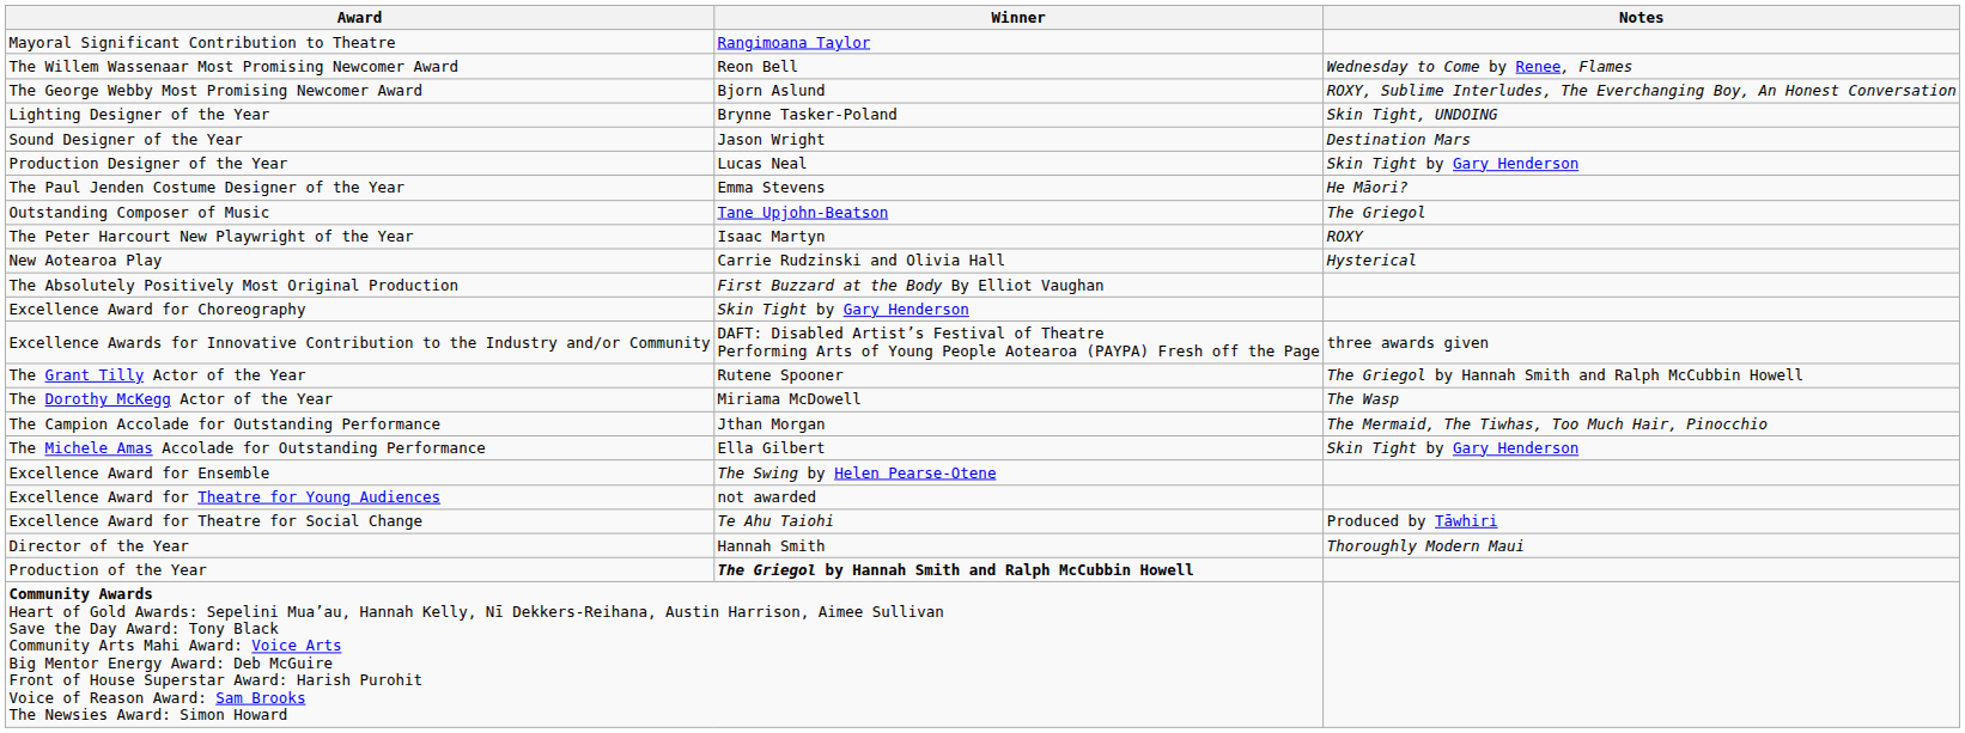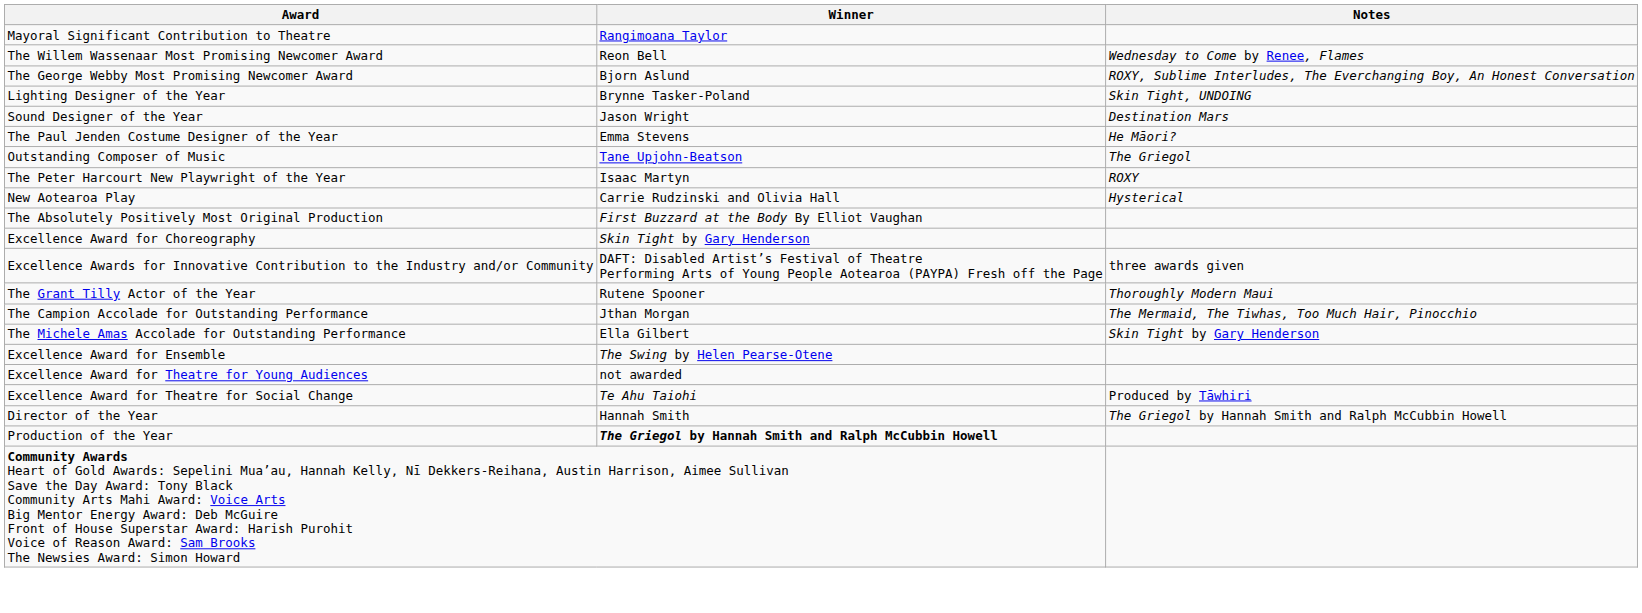 <table class="wikitable">
 <tr>
 <th>Award</th>
 <th>Winner</th>
 <th>Notes</th>
 </tr>
 <tr>
 <td>Mayoral Significant Contribution to Theatre</td>
 <td><a href='#'>Rangimoana Taylor</a></td>
 <td></td>
 </tr>
 <tr>
 <td>The Willem Wassenaar Most Promising Newcomer Award</td>
 <td>Reon Bell</td>
 <td><em>Wednesday to Come</em> by <a href='#'>Renee</a><em>, Flames</em></td>
 </tr>
 <tr>
 <td>The George Webby Most Promising Newcomer Award</td>
 <td>Bjorn Aslund</td>
 <td><em>ROXY, Sublime Interludes, The Everchanging Boy, An Honest Conversation</em></td>
 </tr>
 <tr>
 <td>Lighting Designer of the Year</td>
 <td>Brynne Tasker-Poland</td>
 <td><em>Skin Tight, UNDOING</em></td>
 </tr>
 <tr>
 <td>Sound Designer of the Year</td>
 <td>Jason Wright</td>
 <td><em>Destination Mars</em></td>
-</tr>
-<tr>
-<td>Production Designer of the Year</td>
-<td>Lucas Neal</td>
-<td><em>Skin Tight</em> by <a href='#'>Gary Henderson</a></td>
 </tr>
 <tr>
 <td>The Paul Jenden Costume Designer of the Year</td>
 <td>Emma Stevens</td>
 <td><em>He Māori?</em></td>
 </tr>
 <tr>
 <td>Outstanding Composer of Music</td>
 <td><a href='#'>Tane Upjohn-Beatson</a></td>
 <td><em>The Griegol</em></td>
 </tr>
 <tr>
 <td>The Peter Harcourt New Playwright of the Year</td>
 <td>Isaac Martyn</td>
 <td><em>ROXY</em></td>
 </tr>
 <tr>
 <td>New Aotearoa Play</td>
 <td>Carrie Rudzinski and Olivia Hall</td>
 <td><em>Hysterical</em></td>
 </tr>
 <tr>
 <td>The Absolutely Positively Most Original Production</td>
 <td><em>First Buzzard at the Body</em> By Elliot Vaughan</td>
 <td></td>
 </tr>
 <tr>
 <td>Excellence Award for Choreography</td>
 <td><em>Skin Tight</em> by <a href='#'>Gary Henderson</a></td>
 <td></td>
 </tr>
 <tr>
 <td>Excellence Awards for Innovative Contribution to the Industry and/or Community</td>
 <td>DAFT: Disabled Artist’s Festival of Theatre<br>Performing Arts of Young People Aotearoa (PAYPA) Fresh off the Page</td>
 <td>three awards given</td>
 </tr>
 <tr>
 <td>The <a href='#'>Grant Tilly</a> Actor of the Year</td>
 <td>Rutene Spooner</td>
-<td><em>The Griegol</em> by Hannah Smith and Ralph McCubbin Howell</td>
-</tr>
-<tr>
-<td>The <a href='#'>Dorothy McKegg</a> Actor of the Year</td>
-<td>Miriama McDowell</td>
-<td><em>The Wasp</em></td>
+<td><em>Thoroughly Modern Maui</em></td>
 </tr>
 <tr>
 <td>The Campion Accolade for Outstanding Performance</td>
 <td>Jthan Morgan</td>
 <td><em>The Mermaid, The Tiwhas, Too Much Hair, Pinocchio</em></td>
 </tr>
 <tr>
 <td>The <a href='#'>Michele Amas</a> Accolade for Outstanding Performance</td>
 <td>Ella Gilbert</td>
 <td><em>Skin Tight</em> by <a href='#'>Gary Henderson</a></td>
 </tr>
 <tr>
 <td>Excellence Award for Ensemble</td>
 <td><em>The Swing</em> by <a href='#'>Helen Pearse-Otene</a></td>
 <td></td>
 </tr>
 <tr>
 <td>Excellence Award for <a href='#'>Theatre for Young Audiences</a></td>
 <td>not awarded</td>
 <td></td>
 </tr>
 <tr>
 <td>Excellence Award for Theatre for Social Change</td>
 <td><em>Te Ahu Taiohi</em></td>
 <td>Produced by <a href='#'>Tāwhiri</a></td>
 </tr>
 <tr>
 <td>Director of the Year</td>
 <td>Hannah Smith</td>
-<td><em>Thoroughly Modern Maui</em></td>
+<td><em>The Griegol</em> by Hannah Smith and Ralph McCubbin Howell</td>
 </tr>
 <tr>
 <td>Production of the Year</td>
 <td><strong><em>The Griegol</em> by Hannah Smith and Ralph McCubbin Howell</strong></td>
 <td></td>
 </tr>
 <tr>
 <td colspan="2"><strong>Community Awards</strong><br>Heart of Gold Awards: Sepelini Mua’au, Hannah Kelly, Nī Dekkers-Reihana, Austin Harrison, Aimee Sullivan<br>Save the Day Award: Tony Black<br>Community Arts Mahi Award: <a href='#'>Voice Arts</a><br>Big Mentor Energy Award: Deb McGuire<br>Front of House Superstar Award: Harish Purohit<br>Voice of Reason Award: <a href='#'>Sam Brooks</a><br>The Newsies Award: Simon Howard</td>
 <td></td>
 </tr>
 </table>
